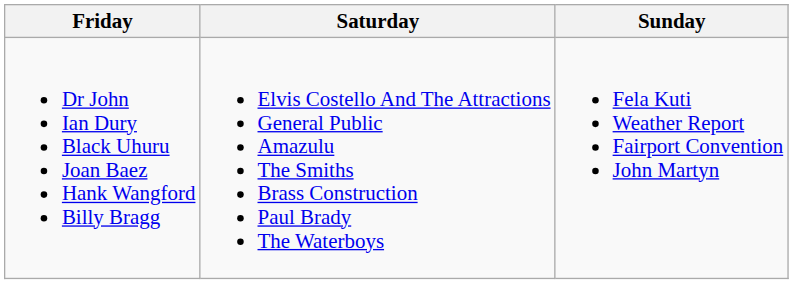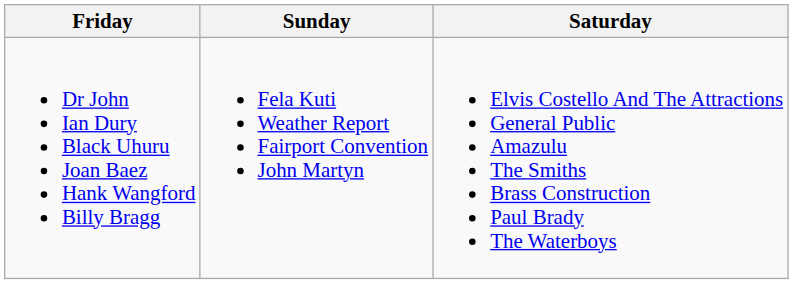 <table class="wikitable">
 <tr>
 <th>Friday</th>
+<th>Sunday</th>
 <th>Saturday</th>
-<th>Sunday</th>
 </tr>
 <tr valign="top">
 <td><br><ul><li><a href='#'>Dr John</a></li><li><a href='#'>Ian Dury</a></li><li><a href='#'>Black Uhuru</a></li><li><a href='#'>Joan Baez</a></li><li><a href='#'>Hank Wangford</a></li><li><a href='#'>Billy Bragg</a></li></ul></td>
+<td><br><ul><li><a href='#'>Fela Kuti</a></li><li><a href='#'>Weather Report</a></li><li><a href='#'>Fairport Convention</a></li><li><a href='#'>John Martyn</a></li></ul></td>
 <td><br><ul><li><a href='#'>Elvis Costello And The Attractions</a></li><li><a href='#'>General Public</a></li><li><a href='#'>Amazulu</a></li><li><a href='#'>The Smiths</a></li><li><a href='#'>Brass Construction</a></li><li><a href='#'>Paul Brady</a></li><li><a href='#'>The Waterboys</a></li></ul></td>
-<td><br><ul><li><a href='#'>Fela Kuti</a></li><li><a href='#'>Weather Report</a></li><li><a href='#'>Fairport Convention</a></li><li><a href='#'>John Martyn</a></li></ul></td>
 </tr>
 </table>
